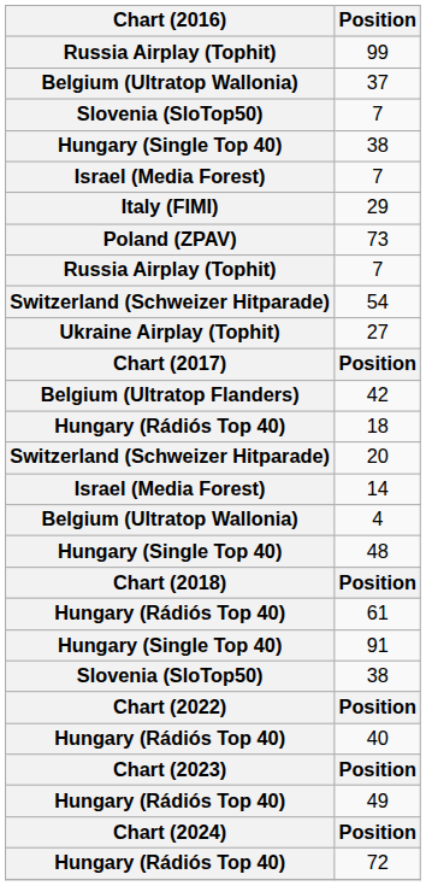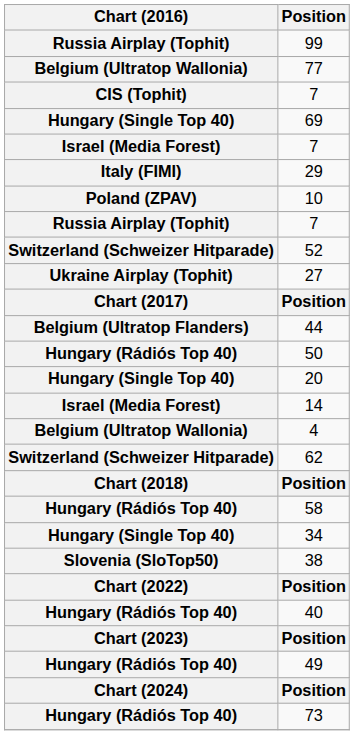 <table class="wikitable plainrowheaders" style="text-align:center">
 <tr>
 <th scope="col">Chart (2016)</th>
 <th scope="col">Position</th>
 </tr>
 <tr>
 <th scope="row">Russia Airplay (Tophit)</th>
 <td>99</td>
 </tr>
 <tr>
 <th scope="row">Belgium (Ultratop Wallonia)</th>
-<td>37</td>
+<td>77</td>
 </tr>
 <tr>
-<th scope="row">Slovenia (SloTop50)</th>
+<th scope="row">CIS (Tophit)</th>
 <td style="text-align:center;">7</td>
 </tr>
 <tr>
 <th scope="row">Hungary (Single Top 40)</th>
-<td>38</td>
+<td>69</td>
 </tr>
 <tr>
 <th scope="row">Israel (Media Forest)</th>
 <td>7</td>
 </tr>
 <tr>
 <th scope="row">Italy (FIMI)</th>
 <td>29</td>
 </tr>
 <tr>
 <th scope="row">Poland (ZPAV)</th>
-<td>73</td>
+<td>10</td>
 </tr>
 <tr>
 <th scope="row">Russia Airplay (Tophit)</th>
 <td style="text-align:center;">7</td>
 </tr>
 <tr>
 <th scope="row">Switzerland (Schweizer Hitparade)</th>
-<td>54</td>
+<td>52</td>
 </tr>
 <tr>
 <th scope="row">Ukraine Airplay (Tophit)</th>
 <td style="text-align:center;">27</td>
 </tr>
 <tr>
 <th scope="col">Chart (2017)</th>
 <th scope="col">Position</th>
 </tr>
 <tr>
 <th scope="row">Belgium (Ultratop Flanders)</th>
-<td>42</td>
+<td>44</td>
 </tr>
 <tr>
 <th scope="row">Hungary (Rádiós Top 40)</th>
-<td>18</td>
+<td>50</td>
 </tr>
 <tr>
-<th scope="row">Switzerland (Schweizer Hitparade)</th>
+<th scope="row">Hungary (Single Top 40)</th>
 <td>20</td>
 </tr>
 <tr>
 <th scope="row">Israel (Media Forest)</th>
 <td>14</td>
 </tr>
 <tr>
 <th scope="row">Belgium (Ultratop Wallonia)</th>
 <td>4</td>
 </tr>
 <tr>
-<th scope="row">Hungary (Single Top 40)</th>
-<td>48</td>
+<th scope="row">Switzerland (Schweizer Hitparade)</th>
+<td>62</td>
 </tr>
 <tr>
 <th scope="col">Chart (2018)</th>
 <th scope="col">Position</th>
 </tr>
 <tr>
 <th scope="row">Hungary (Rádiós Top 40)</th>
-<td>61</td>
+<td>58</td>
 </tr>
 <tr>
 <th scope="row">Hungary (Single Top 40)</th>
-<td>91</td>
+<td>34</td>
 </tr>
 <tr>
 <th scope="row">Slovenia (SloTop50)</th>
 <td>38</td>
 </tr>
 <tr>
 <th scope="col">Chart (2022)</th>
 <th scope="col">Position</th>
 </tr>
 <tr>
 <th scope="row">Hungary (Rádiós Top 40)</th>
 <td>40</td>
 </tr>
 <tr>
 <th scope="col">Chart (2023)</th>
 <th scope="col">Position</th>
 </tr>
 <tr>
 <th scope="row">Hungary (Rádiós Top 40)</th>
 <td>49</td>
 </tr>
 <tr>
 <th scope="col">Chart (2024)</th>
 <th scope="col">Position</th>
 </tr>
 <tr>
 <th scope="row">Hungary (Rádiós Top 40)</th>
-<td>72</td>
+<td>73</td>
 </tr>
 <tr>
 </tr>
 </table>
